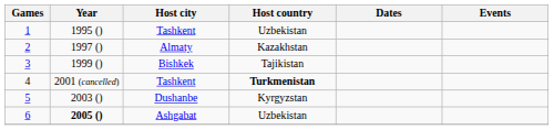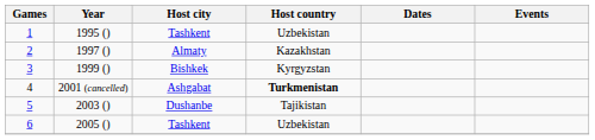 <table class=wikitable style="text-align:center">
 <tr>
 <th width=60>Games</th>
 <th width=100>Year</th>
 <th width=150>Host city</th>
 <th width=150>Host country</th>
 <th width=150>Dates</th>
 <th width=150>Events</th>
 </tr>
 <tr>
 <td><a href='#'>1</a></td>
 <td>1995 ()</td>
 <td><a href='#'>Tashkent</a></td>
 <td>Uzbekistan</td>
 <td></td>
 <td></td>
 </tr>
 <tr>
 <td><a href='#'>2</a></td>
 <td>1997 ()</td>
 <td><a href='#'>Almaty</a></td>
 <td>Kazakhstan</td>
 <td></td>
 <td></td>
 </tr>
 <tr>
 <td><a href='#'>3</a></td>
 <td>1999 ()</td>
 <td><a href='#'>Bishkek</a></td>
-<td>Tajikistan</td>
+<td>Kyrgyzstan</td>
 <td></td>
 <td></td>
 </tr>
 <tr>
 <td>4</td>
 <td>2001 <small>(<em>cancelled</em>)</small></td>
-<td><a href='#'>Tashkent</a></td>
+<td><a href='#'>Ashgabat</a></td>
 <td><strong>Turkmenistan</strong></td>
 <td></td>
 <td></td>
 </tr>
 <tr>
 <td><a href='#'>5</a></td>
 <td>2003 ()</td>
 <td><a href='#'>Dushanbe</a></td>
-<td>Kyrgyzstan</td>
+<td>Tajikistan</td>
 <td></td>
 <td></td>
 </tr>
 <tr>
 <td><a href='#'>6</a></td>
-<td><strong>2005 ()</strong></td>
-<td><a href='#'>Ashgabat</a></td>
+<td>2005 ()</td>
+<td><a href='#'>Tashkent</a></td>
 <td>Uzbekistan</td>
 <td></td>
 <td></td>
 </tr>
 <tr>
 </tr>
 </table>
